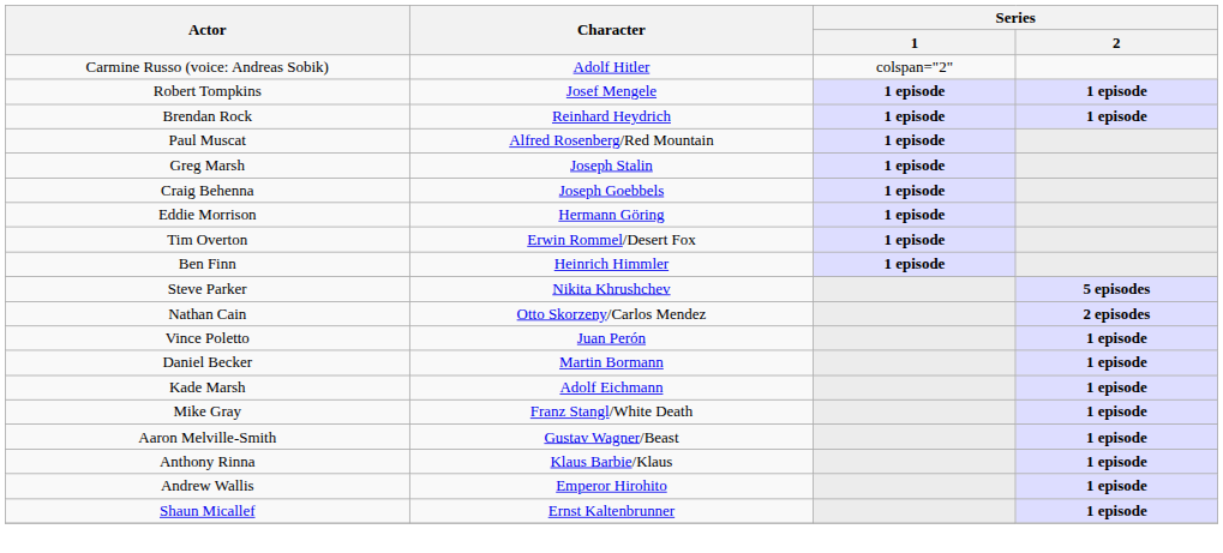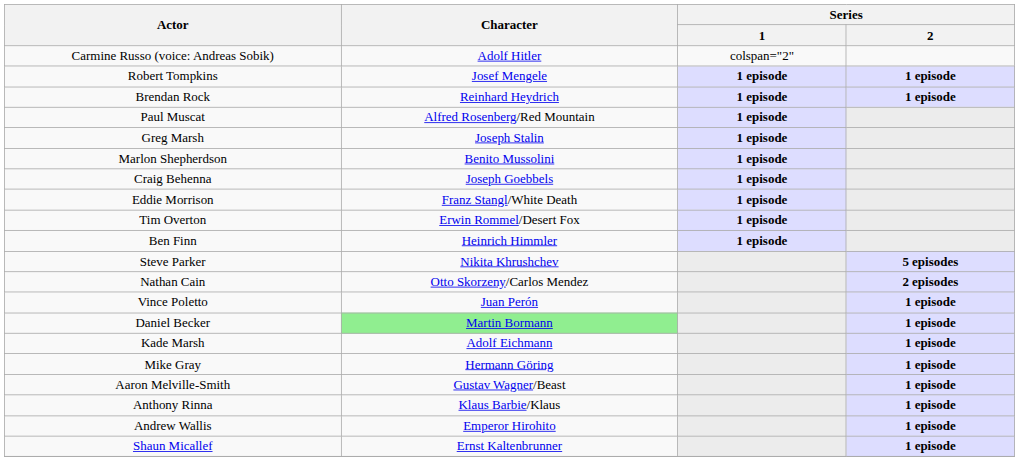 <table class="wikitable plainrowheaders" style="text-align:center">
 <tr>
 <th rowspan="2" width="14%" scope="col">Actor</th>
 <th rowspan="2" width="14%" scope="col">Character</th>
 <th colspan="2">Series</th>
 </tr>
 <tr>
 <th width="7%" scope="col">1</th>
 <th width="7%" scope="col">2</th>
 </tr>
 <tr>
 <td>Carmine Russo (voice: Andreas Sobik)</td>
 <td><a href='#'>Adolf Hitler</a></td>
 <td>colspan="2" </td>
 </tr>
 <tr>
 <td>Robert Tompkins</td>
 <td><a href='#'>Josef Mengele</a></td>
 <td style="background: #ddddff" colspan="1" align="center"><strong>1 episode</strong></td>
 <td style="background: #ddddff" colspan="1" align="center"><strong>1 episode</strong></td>
 </tr>
 <tr>
 <td>Brendan Rock</td>
 <td><a href='#'>Reinhard Heydrich</a></td>
 <td style="background: #ddddff" colspan="1" align="center"><strong>1 episode</strong></td>
 <td style="background: #ddddff" colspan="1" align="center"><strong>1 episode</strong></td>
 </tr>
 <tr>
 <td>Paul Muscat</td>
 <td><a href='#'>Alfred Rosenberg</a>/Red Mountain</td>
 <td style="background: #ddddff" colspan="1" align="center"><strong>1 episode</strong></td>
 <td colspan="1" style="background: #ececec; color: grey; vertical-align: middle; text-align: center; " class="table-na"></td>
 </tr>
 <tr>
 <td>Greg Marsh</td>
 <td><a href='#'>Joseph Stalin</a></td>
 <td style="background: #ddddff" colspan="1" align="center"><strong>1 episode</strong></td>
 <td colspan="1" style="background: #ececec; color: grey; vertical-align: middle; text-align: center; " class="table-na"></td>
 </tr>
 <tr>
+<td>Marlon Shepherdson</td>
+<td><a href='#'>Benito Mussolini</a></td>
+<td style="background: #ddddff" colspan="1" align="center"><strong>1 episode</strong></td>
+<td colspan="1" style="background: #ececec; color: grey; vertical-align: middle; text-align: center; " class="table-na"></td>
+</tr>
+<tr>
 <td>Craig Behenna</td>
 <td><a href='#'>Joseph Goebbels</a></td>
 <td style="background: #ddddff" colspan="1" align="center"><strong>1 episode</strong></td>
 <td colspan="1" style="background: #ececec; color: grey; vertical-align: middle; text-align: center; " class="table-na"></td>
 </tr>
 <tr>
 <td>Eddie Morrison</td>
-<td><a href='#'>Hermann Göring</a></td>
+<td><a href='#'>Franz Stangl</a>/White Death</td>
 <td style="background: #ddddff" colspan="1" align="center"><strong>1 episode</strong></td>
 <td colspan="1" style="background: #ececec; color: grey; vertical-align: middle; text-align: center; " class="table-na"></td>
 </tr>
 <tr>
 <td>Tim Overton</td>
 <td><a href='#'>Erwin Rommel</a>/Desert Fox</td>
 <td style="background: #ddddff" colspan="1" align="center"><strong>1 episode</strong></td>
 <td colspan="1" style="background: #ececec; color: grey; vertical-align: middle; text-align: center; " class="table-na"></td>
 </tr>
 <tr>
 <td>Ben Finn</td>
 <td><a href='#'>Heinrich Himmler</a></td>
 <td style="background: #ddddff" colspan="1" align="center"><strong>1 episode</strong></td>
 <td colspan="1" style="background: #ececec; color: grey; vertical-align: middle; text-align: center; " class="table-na"></td>
 </tr>
 <tr>
 <td>Steve Parker</td>
 <td><a href='#'>Nikita Khrushchev</a></td>
 <td colspan="1" style="background: #ececec; color: grey; vertical-align: middle; text-align: center; " class="table-na"></td>
 <td style="background: #ddddff" colspan="1" align="center"><strong>5 episodes</strong></td>
 </tr>
 <tr>
 <td>Nathan Cain</td>
 <td><a href='#'>Otto Skorzeny</a>/Carlos Mendez</td>
 <td colspan="1" style="background: #ececec; color: grey; vertical-align: middle; text-align: center; " class="table-na"></td>
 <td style="background: #ddddff" colspan="1" align="center"><strong>2 episodes</strong></td>
 </tr>
 <tr>
 <td>Vince Poletto</td>
 <td><a href='#'>Juan Perón</a></td>
 <td colspan="1" style="background: #ececec; color: grey; vertical-align: middle; text-align: center; " class="table-na"></td>
 <td style="background: #ddddff" colspan="1" align="center"><strong>1 episode</strong></td>
 </tr>
 <tr>
 <td>Daniel Becker</td>
-<td><a href='#'>Martin Bormann</a></td>
+<td style="background: lightgreen;"><a href='#'>Martin Bormann</a></td>
 <td colspan="1" style="background: #ececec; color: grey; vertical-align: middle; text-align: center; " class="table-na"></td>
 <td style="background: #ddddff" colspan="1" align="center"><strong>1 episode</strong></td>
 </tr>
 <tr>
 <td>Kade Marsh</td>
 <td><a href='#'>Adolf Eichmann</a></td>
 <td colspan="1" style="background: #ececec; color: grey; vertical-align: middle; text-align: center; " class="table-na"></td>
 <td style="background: #ddddff" colspan="1" align="center"><strong>1 episode</strong></td>
 </tr>
 <tr>
 <td>Mike Gray</td>
-<td><a href='#'>Franz Stangl</a>/White Death</td>
+<td><a href='#'>Hermann Göring</a></td>
 <td colspan="1" style="background: #ececec; color: grey; vertical-align: middle; text-align: center; " class="table-na"></td>
 <td style="background: #ddddff" colspan="1" align="center"><strong>1 episode</strong></td>
 </tr>
 <tr>
 <td>Aaron Melville-Smith</td>
 <td><a href='#'>Gustav Wagner</a>/Beast</td>
 <td colspan="1" style="background: #ececec; color: grey; vertical-align: middle; text-align: center; " class="table-na"></td>
 <td style="background: #ddddff" colspan="1" align="center"><strong>1 episode</strong></td>
 </tr>
 <tr>
 <td>Anthony Rinna</td>
 <td><a href='#'>Klaus Barbie</a>/Klaus</td>
 <td colspan="1" style="background: #ececec; color: grey; vertical-align: middle; text-align: center; " class="table-na"></td>
 <td style="background: #ddddff" colspan="1" align="center"><strong>1 episode</strong></td>
 </tr>
 <tr>
 <td>Andrew Wallis</td>
 <td><a href='#'>Emperor Hirohito</a></td>
 <td colspan="1" style="background: #ececec; color: grey; vertical-align: middle; text-align: center; " class="table-na"></td>
 <td style="background: #ddddff" colspan="1" align="center"><strong>1 episode</strong></td>
 </tr>
 <tr>
 <td><a href='#'>Shaun Micallef</a></td>
 <td><a href='#'>Ernst Kaltenbrunner</a></td>
 <td colspan="1" style="background: #ececec; color: grey; vertical-align: middle; text-align: center; " class="table-na"></td>
 <td style="background: #ddddff" colspan="1" align="center"><strong>1 episode</strong></td>
 </tr>
 <tr>
 </tr>
 </table>
